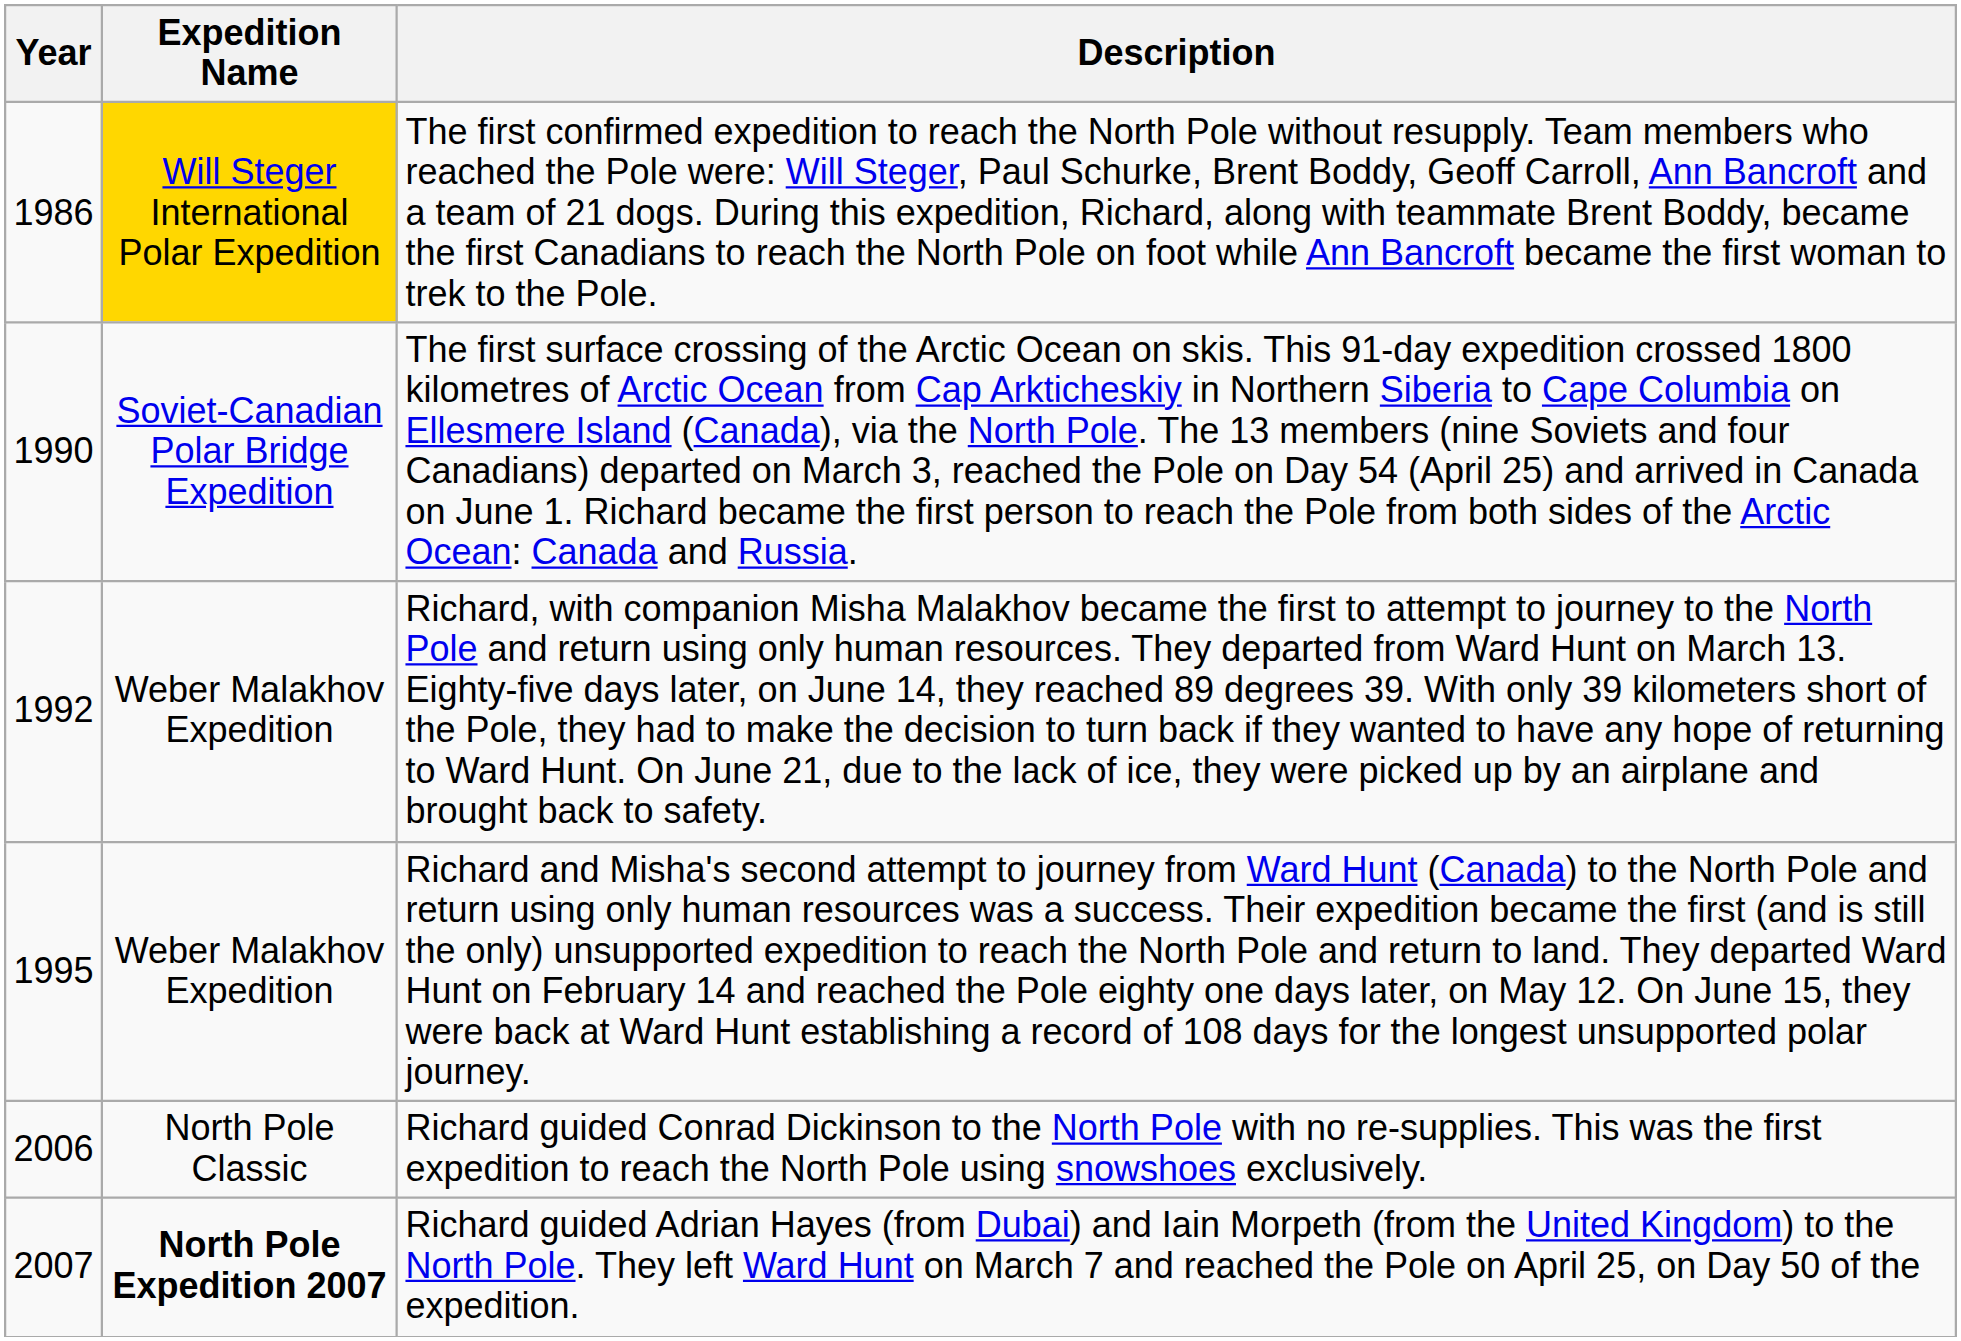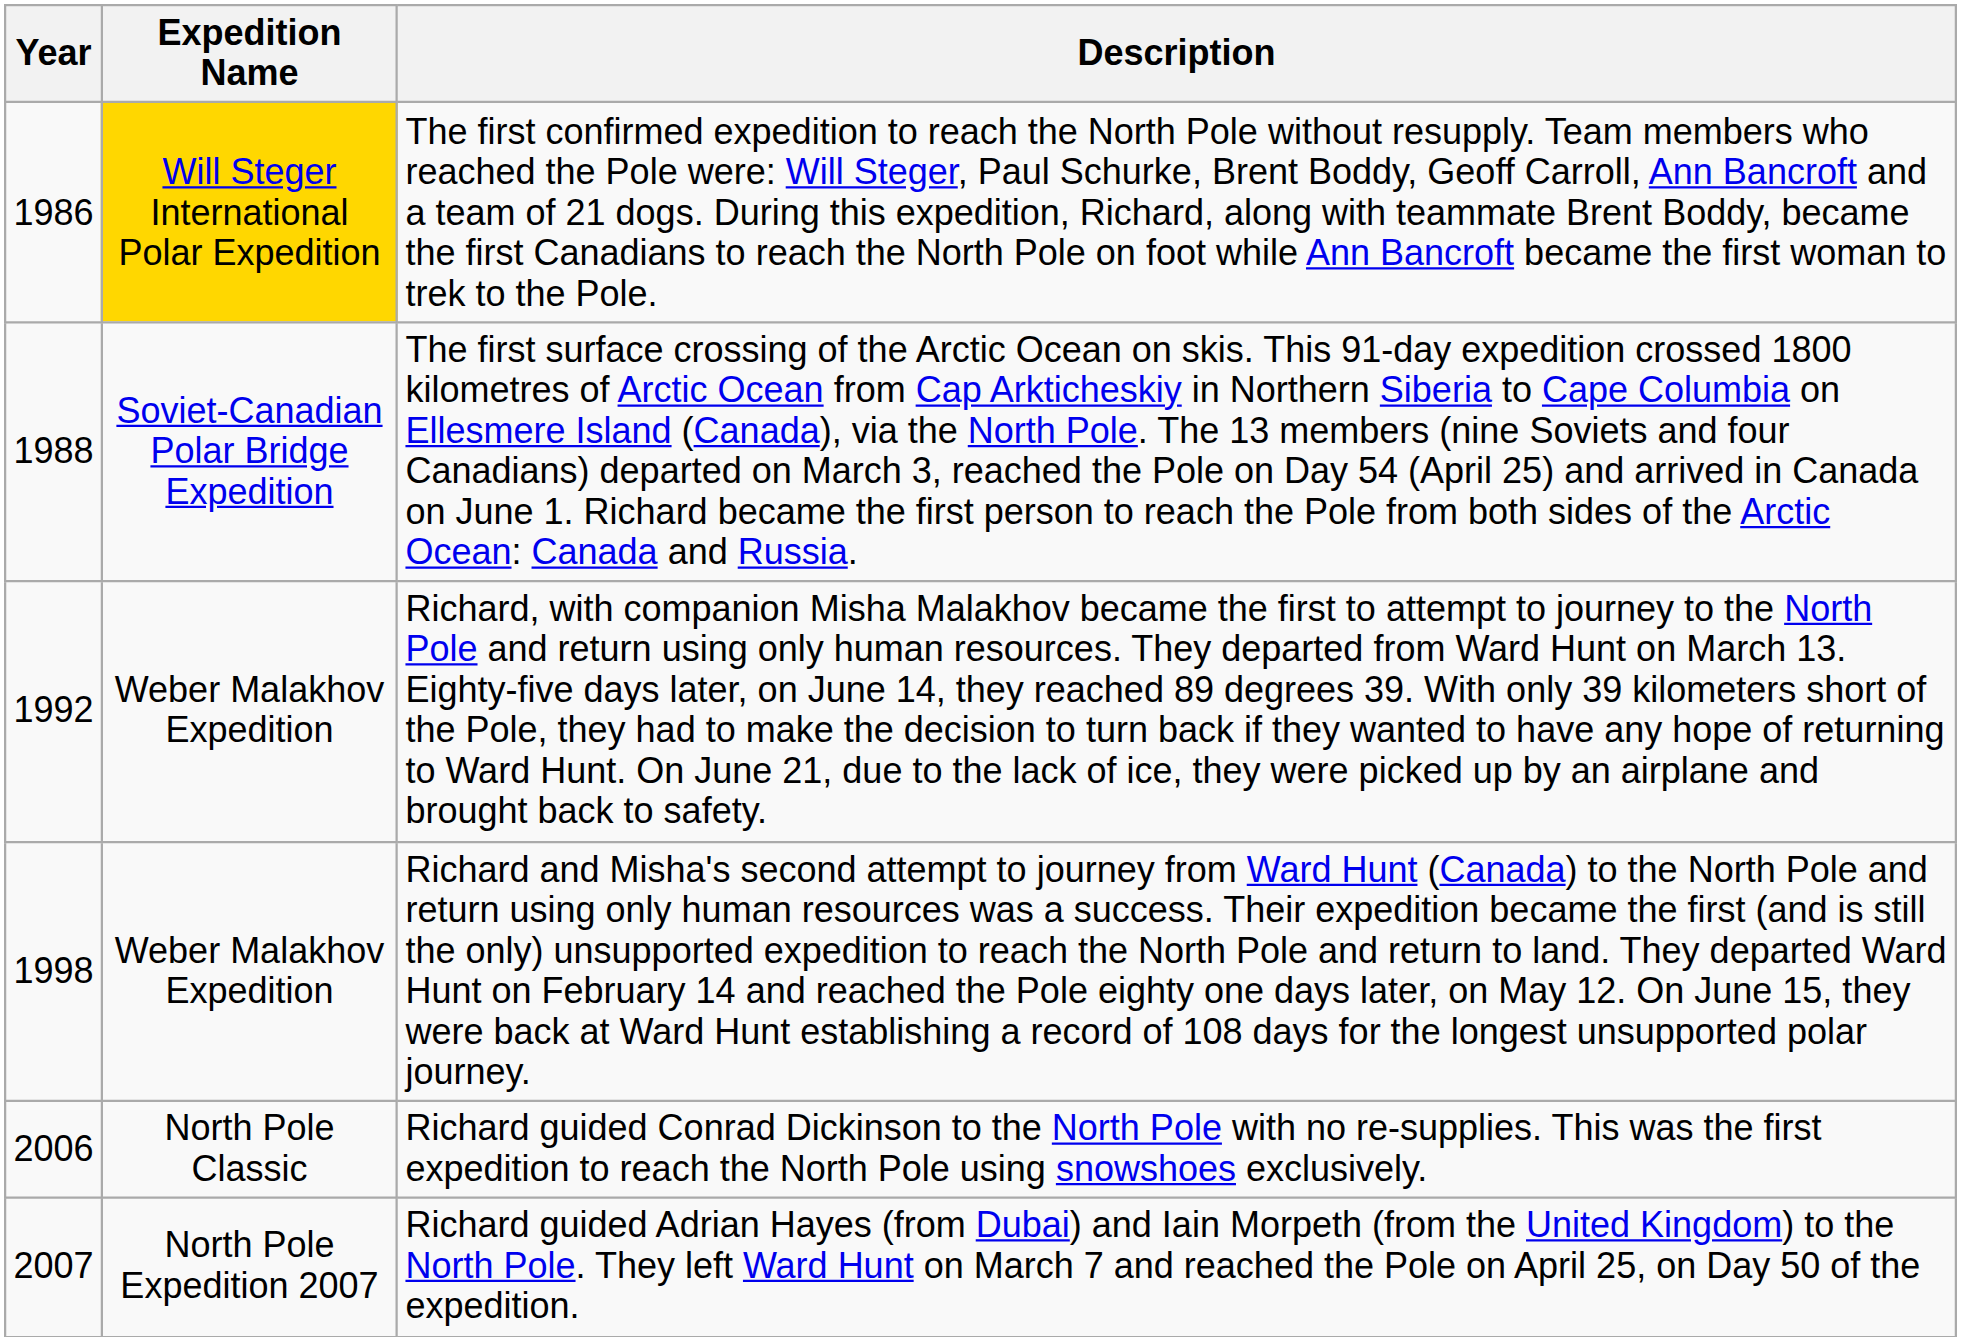 <table class="wikitable">
 <tr>
 <th>Year</th>
 <th>Expedition Name</th>
 <th>Description</th>
 </tr>
 <tr>
 <td>1986</td>
 <td align="center" style="background: gold;"><a href='#'>Will Steger</a> International Polar Expedition</td>
 <td align="left">The first confirmed expedition to reach the North Pole without resupply. Team members who reached the Pole were: <a href='#'>Will Steger</a>, Paul Schurke, Brent Boddy, Geoff Carroll, <a href='#'>Ann Bancroft</a> and a team of 21 dogs. During this expedition, Richard, along with teammate Brent Boddy, became the first Canadians to reach the North Pole on foot while <a href='#'>Ann Bancroft</a> became the first woman to trek to the Pole.</td>
 </tr>
 <tr>
-<td>1990</td>
+<td>1988</td>
 <td align="center"><a href='#'>Soviet-Canadian Polar Bridge Expedition</a></td>
 <td align="left">The first surface crossing of the Arctic Ocean on skis. This 91-day expedition crossed 1800 kilometres of <a href='#'>Arctic Ocean</a> from <a href='#'>Cap Arkticheskiy</a> in Northern <a href='#'>Siberia</a> to <a href='#'>Cape Columbia</a> on <a href='#'>Ellesmere Island</a> (<a href='#'>Canada</a>), via the <a href='#'>North Pole</a>. The 13 members (nine Soviets and four Canadians) departed on March 3, reached the Pole on Day 54 (April 25) and arrived in Canada on June 1. Richard became the first person to reach the Pole from both sides of the <a href='#'>Arctic Ocean</a>: <a href='#'>Canada</a> and <a href='#'>Russia</a>.</td>
 </tr>
 <tr>
 <td>1992</td>
 <td align="center">Weber Malakhov Expedition</td>
 <td align="left">Richard, with companion Misha Malakhov became the first to attempt to journey to the <a href='#'>North Pole</a> and return using only human resources. They departed from Ward Hunt on March 13. Eighty-five days later, on June 14, they reached 89 degrees 39. With only 39 kilometers short of the Pole, they had to make the decision to turn back if they wanted to have any hope of returning to Ward Hunt. On June 21, due to the lack of ice, they were picked up by an airplane and brought back to safety.</td>
 </tr>
 <tr>
-<td>1995</td>
+<td>1998</td>
 <td align="center">Weber Malakhov Expedition</td>
 <td align="left">Richard and Misha's second attempt to journey from <a href='#'>Ward Hunt</a> (<a href='#'>Canada</a>) to the North Pole and return using only human resources was a success. Their expedition became the first (and is still the only) unsupported expedition to reach the North Pole and return to land. They departed Ward Hunt on February 14 and reached the Pole eighty one days later, on May 12. On June 15, they were back at Ward Hunt establishing a record of 108 days for the longest unsupported polar journey.</td>
 </tr>
 <tr>
 <td>2006</td>
 <td align="center">North Pole Classic</td>
 <td align="left">Richard guided Conrad Dickinson to the <a href='#'>North Pole</a> with no re-supplies. This was the first expedition to reach the North Pole using <a href='#'>snowshoes</a> exclusively.</td>
 </tr>
 <tr>
 <td>2007</td>
-<td align="center"><strong>North Pole Expedition 2007</strong></td>
+<td align="center">North Pole Expedition 2007</td>
 <td align="left">Richard guided Adrian Hayes (from <a href='#'>Dubai</a>) and Iain Morpeth (from the <a href='#'>United Kingdom</a>) to the <a href='#'>North Pole</a>. They left <a href='#'>Ward Hunt</a> on March 7 and reached the Pole on April 25, on Day 50 of the expedition.</td>
 </tr>
 </table>
